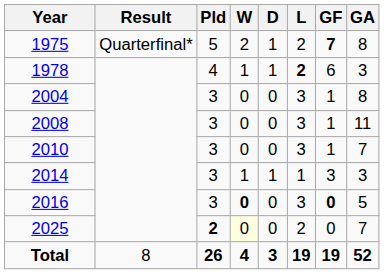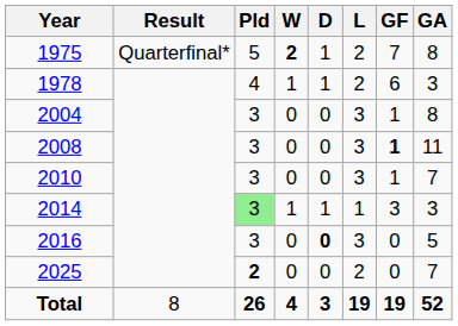 <table class="wikitable" style="text-align: center">
 <tr>
 <th width=80>Year</th>
 <th width=80>Result</th>
 <th width=20>Pld</th>
 <th width=20>W</th>
 <th width=20>D</th>
 <th width=20>L</th>
 <th width=20>GF</th>
 <th width=20>GA</th>
 </tr>
 <tr>
 <td> <a href='#'>1975</a></td>
 <td>Quarterfinal*</td>
 <td>5</td>
-<td>2</td>
+<td><strong>2</strong></td>
 <td>1</td>
 <td>2</td>
-<td><strong>7</strong></td>
+<td>7</td>
 <td>8</td>
 </tr>
 <tr>
 <td> <a href='#'>1978</a></td>
 <td rowspan=7></td>
 <td>4</td>
 <td>1</td>
 <td>1</td>
-<td><strong>2</strong></td>
+<td>2</td>
 <td>6</td>
 <td>3</td>
 </tr>
 <tr>
 <td> <a href='#'>2004</a></td>
 <td>3</td>
 <td>0</td>
 <td>0</td>
 <td>3</td>
 <td>1</td>
 <td>8</td>
 </tr>
 <tr>
 <td> <a href='#'>2008</a></td>
 <td>3</td>
 <td>0</td>
 <td>0</td>
 <td>3</td>
-<td>1</td>
+<td><strong>1</strong></td>
 <td>11</td>
 </tr>
 <tr>
 <td> <a href='#'>2010</a></td>
 <td>3</td>
 <td>0</td>
 <td>0</td>
 <td>3</td>
 <td>1</td>
 <td>7</td>
 </tr>
 <tr>
 <td> <a href='#'>2014</a></td>
-<td>3</td>
+<td style="background: lightgreen;">3</td>
 <td>1</td>
 <td>1</td>
 <td>1</td>
 <td>3</td>
 <td>3</td>
 </tr>
 <tr>
 <td> <a href='#'>2016</a></td>
 <td>3</td>
+<td>0</td>
 <td><strong>0</strong></td>
+<td>3</td>
 <td>0</td>
-<td>3</td>
-<td><strong>0</strong></td>
 <td>5</td>
 </tr>
 <tr>
 <td> <a href='#'>2025</a></td>
 <td><strong>2</strong></td>
-<td style="background: lightyellow;">0</td>
+<td>0</td>
 <td>0</td>
 <td>2</td>
 <td>0</td>
 <td>7</td>
 </tr>
 <tr>
 <td><strong>Total</strong></td>
 <td>8</td>
 <td><strong>26</strong></td>
 <td><strong>4</strong></td>
 <td><strong>3</strong></td>
 <td><strong>19</strong></td>
 <td><strong>19</strong></td>
 <td><strong>52</strong></td>
 </tr>
 </table>
